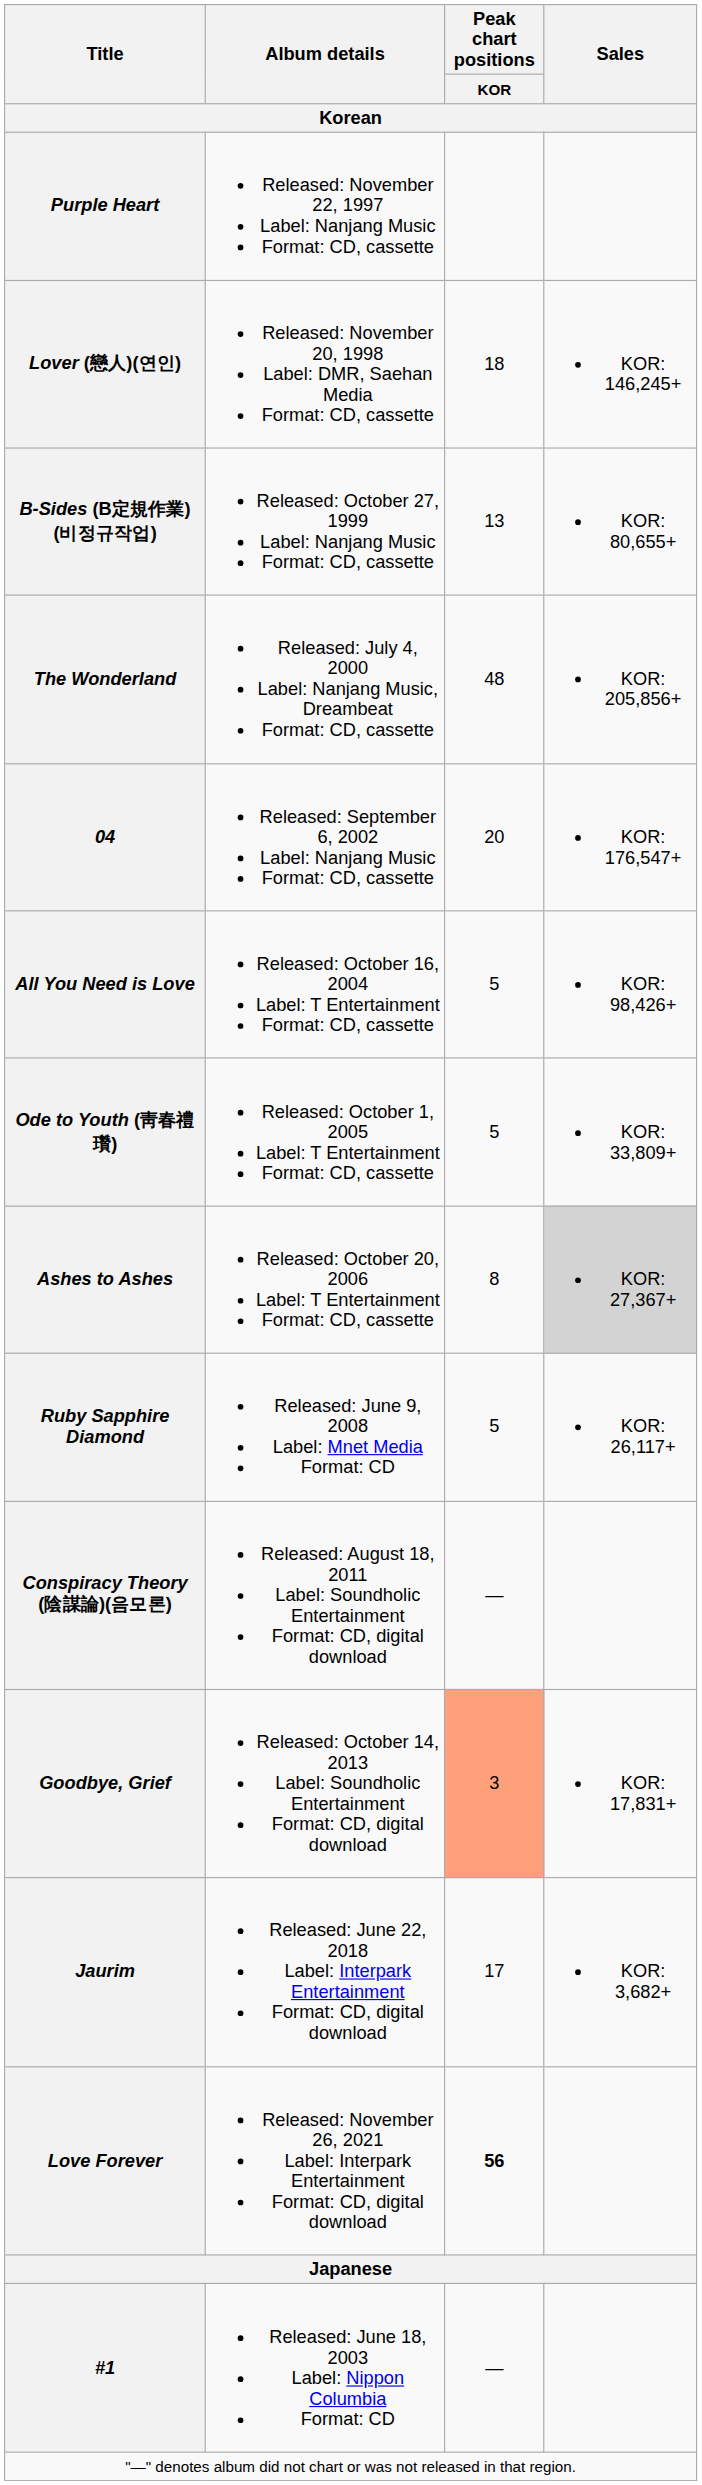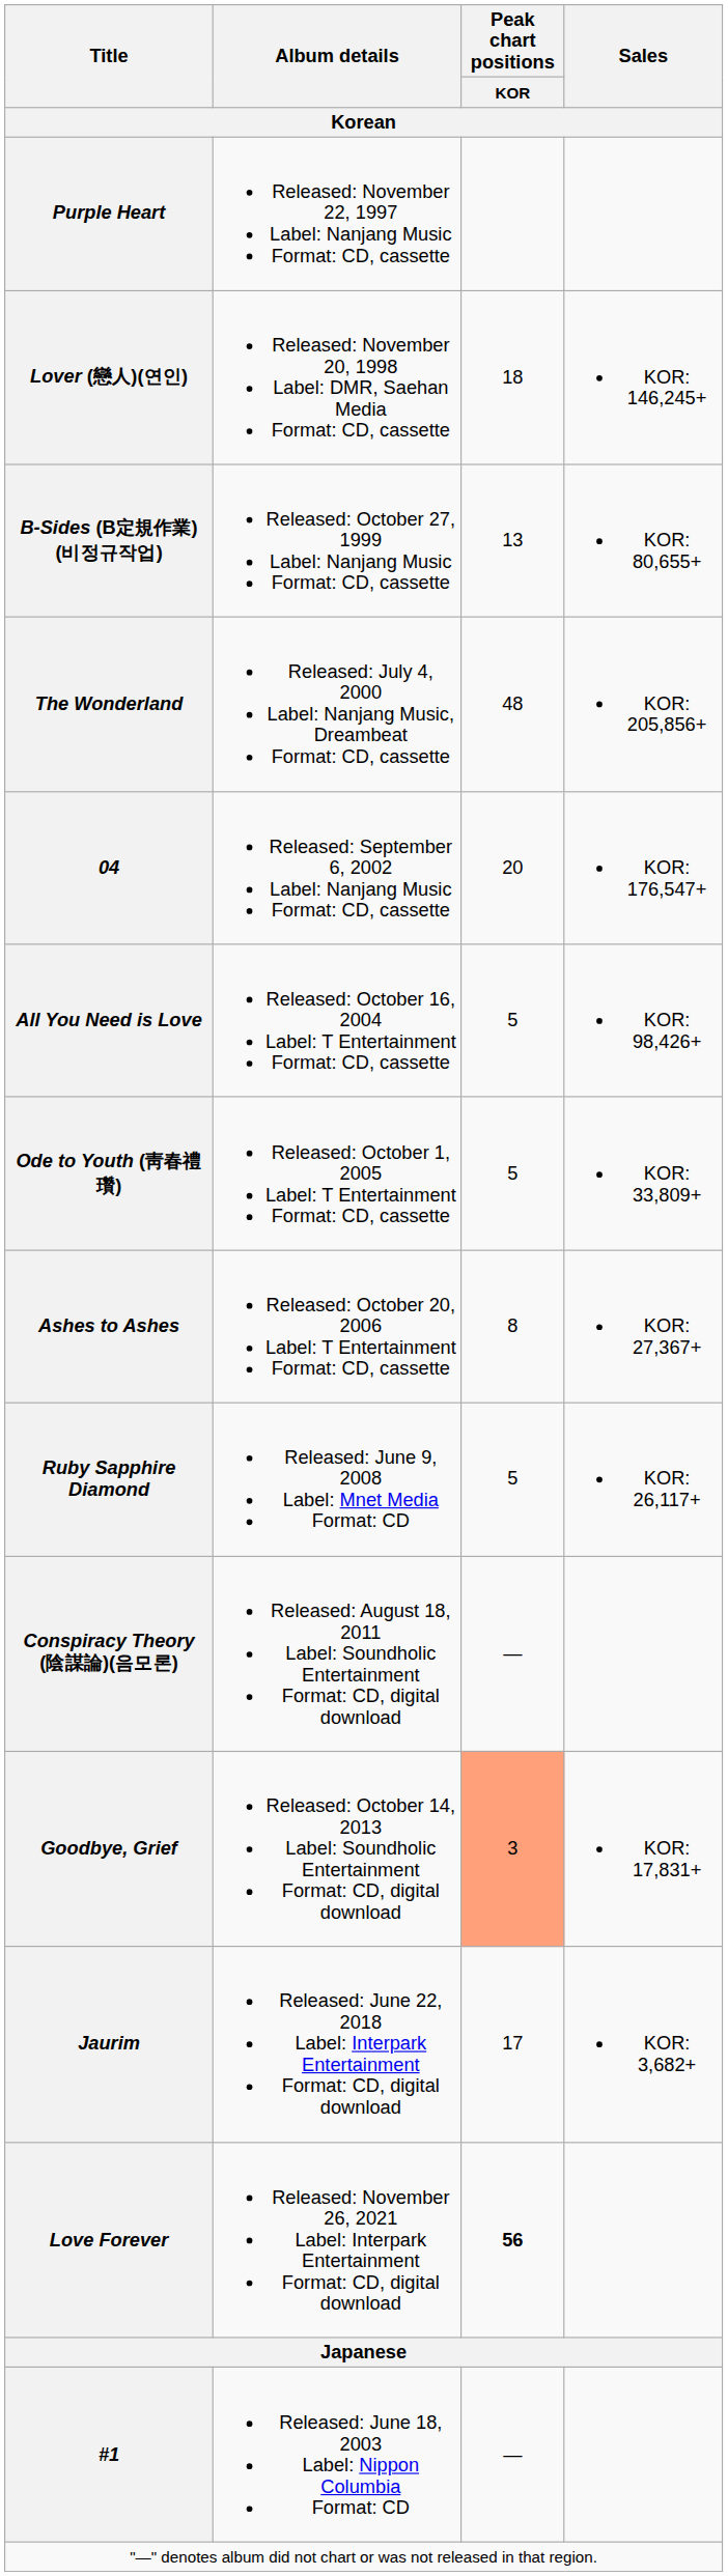 <table class="wikitable plainrowheaders" style="text-align:center;">
 <tr>
 <th scope="col" rowspan="2">Title</th>
 <th scope="col" rowspan="2">Album details</th>
 <th scope="col" colspan="1" style="width:5em;">Peak chart positions</th>
 <th scope="col" rowspan="2">Sales</th>
 </tr>
 <tr>
 <th><small>KOR</small><br></th>
 </tr>
 <tr>
 <th colspan="4">Korean</th>
 </tr>
 <tr>
 <th scope="row"><em>Purple Heart</em></th>
 <td><br><ul><li>Released: November 22, 1997</li><li>Label: Nanjang Music</li><li>Format: CD, cassette</li></ul></td>
 <td></td>
 <td></td>
 </tr>
 <tr>
 <th scope="row"><em>Lover</em> (戀人)(연인)</th>
 <td><br><ul><li>Released: November 20, 1998</li><li>Label: DMR, Saehan Media</li><li>Format: CD, cassette</li></ul></td>
 <td>18</td>
 <td><br><ul><li>KOR: 146,245+</li></ul></td>
 </tr>
 <tr>
 <th scope="row"><em>B-Sides</em> (B定規作業)(비정규작업)</th>
 <td><br><ul><li>Released: October 27, 1999</li><li>Label: Nanjang Music</li><li>Format: CD, cassette</li></ul></td>
 <td>13</td>
 <td><br><ul><li>KOR: 80,655+</li></ul></td>
 </tr>
 <tr>
 <th scope="row"><em>The Wonderland</em></th>
 <td><br><ul><li>Released: July 4, 2000</li><li>Label: Nanjang Music, Dreambeat</li><li>Format: CD, cassette</li></ul></td>
 <td>48</td>
 <td><br><ul><li>KOR: 205,856+</li></ul></td>
 </tr>
 <tr>
 <th scope="row"><em>04</em></th>
 <td><br><ul><li>Released: September 6, 2002</li><li>Label: Nanjang Music</li><li>Format: CD, cassette</li></ul></td>
 <td>20</td>
 <td><br><ul><li>KOR: 176,547+</li></ul></td>
 </tr>
 <tr>
 <th scope="row"><em>All You Need is Love</em></th>
 <td><br><ul><li>Released: October 16, 2004</li><li>Label: T Entertainment</li><li>Format: CD, cassette</li></ul></td>
 <td>5</td>
 <td><br><ul><li>KOR: 98,426+</li></ul></td>
 </tr>
 <tr>
 <th scope="row"><em>Ode to Youth</em> (靑春禮瓚)</th>
 <td><br><ul><li>Released: October 1, 2005</li><li>Label: T Entertainment</li><li>Format: CD, cassette</li></ul></td>
 <td>5</td>
 <td><br><ul><li>KOR: 33,809+</li></ul></td>
 </tr>
 <tr>
 <th scope="row"><em>Ashes to Ashes</em></th>
 <td><br><ul><li>Released: October 20, 2006</li><li>Label: T Entertainment</li><li>Format: CD, cassette</li></ul></td>
 <td>8</td>
-<td style="background: lightgrey;"><br><ul><li>KOR: 27,367+</li></ul></td>
+<td><br><ul><li>KOR: 27,367+</li></ul></td>
 </tr>
 <tr>
 <th scope="row"><em>Ruby Sapphire Diamond</em></th>
 <td><br><ul><li>Released: June 9, 2008</li><li>Label: <a href='#'>Mnet Media</a></li><li>Format: CD</li></ul></td>
 <td>5</td>
 <td><br><ul><li>KOR: 26,117+</li></ul></td>
 </tr>
 <tr>
 <th scope="row"><em>Conspiracy Theory</em> (陰謀論)(음모론)</th>
 <td><br><ul><li>Released: August 18, 2011</li><li>Label: Soundholic Entertainment</li><li>Format: CD, digital download</li></ul></td>
 <td>—</td>
 <td></td>
 </tr>
 <tr>
 <th scope="row"><em>Goodbye, Grief</em></th>
 <td><br><ul><li>Released: October 14, 2013</li><li>Label: Soundholic Entertainment</li><li>Format: CD, digital download</li></ul></td>
 <td style="background: lightsalmon;">3</td>
 <td><br><ul><li>KOR: 17,831+</li></ul></td>
 </tr>
 <tr>
 <th scope="row"><em>Jaurim</em></th>
 <td><br><ul><li>Released: June 22, 2018</li><li>Label: <a href='#'>Interpark Entertainment</a></li><li>Format: CD, digital download</li></ul></td>
 <td>17</td>
 <td><br><ul><li>KOR: 3,682+</li></ul></td>
 </tr>
 <tr>
 <th scope="row"><em>Love Forever</em></th>
 <td><br><ul><li>Released: November 26, 2021</li><li>Label: Interpark Entertainment</li><li>Format: CD, digital download</li></ul></td>
 <td><strong>56</strong></td>
 <td></td>
 </tr>
 <tr>
 <th colspan="4">Japanese</th>
 </tr>
 <tr>
 <th scope="row"><em>#1</em></th>
 <td><br><ul><li>Released: June 18, 2003</li><li>Label: <a href='#'>Nippon Columbia</a></li><li>Format: CD</li></ul></td>
 <td>—</td>
 <td></td>
 </tr>
 <tr>
 <td colspan="4" align="center"><small>"—" denotes album did not chart or was not released in that region.</small></td>
 </tr>
 </table>
